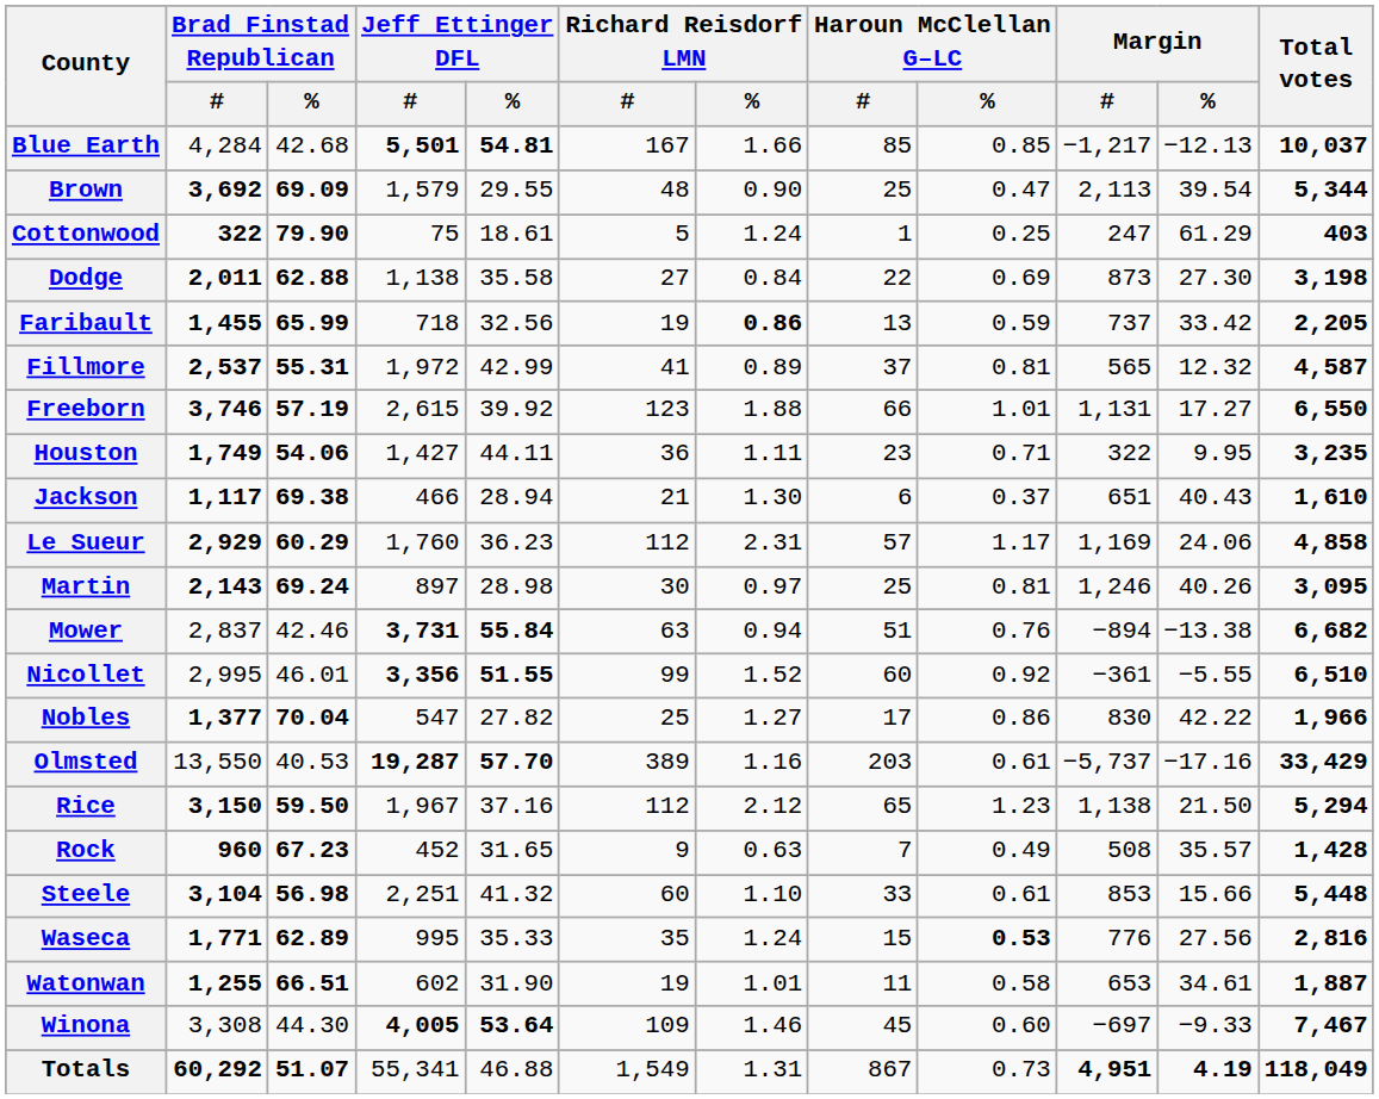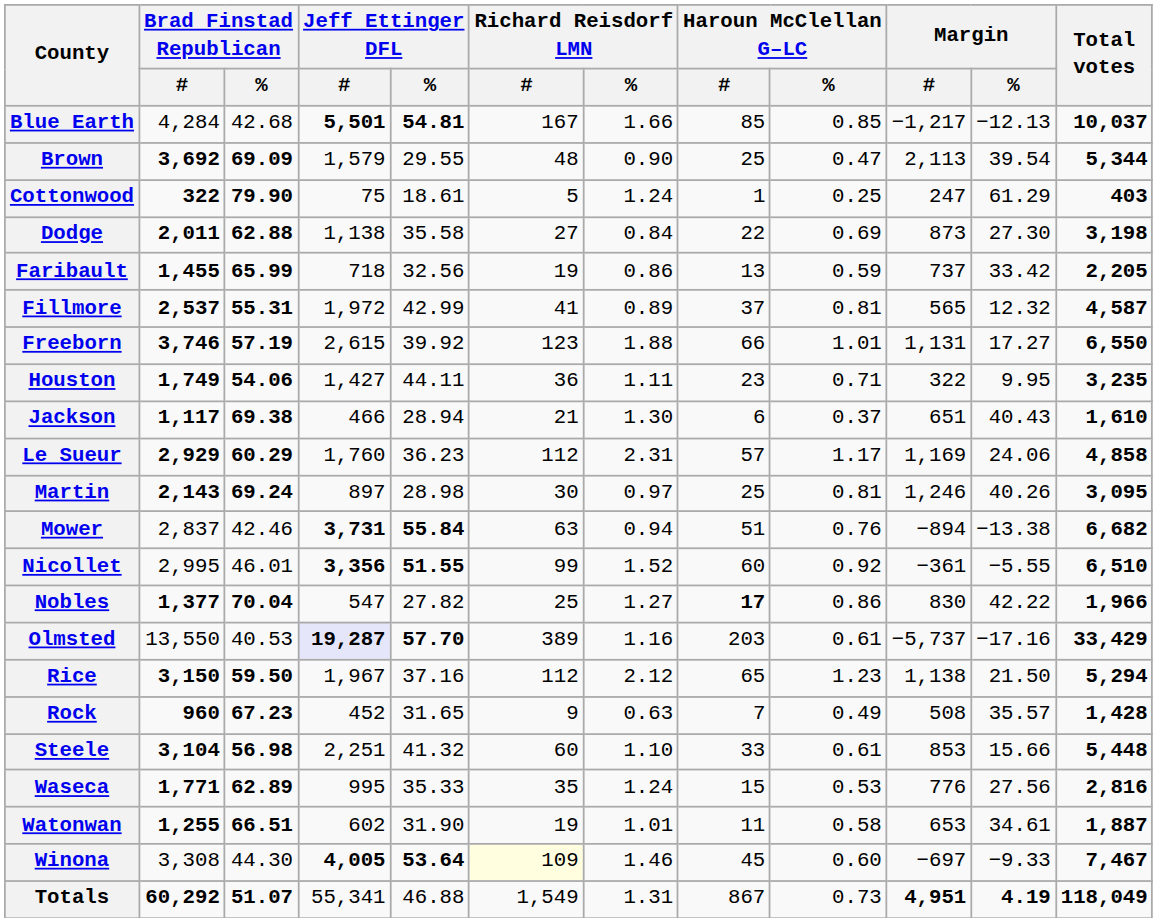 <table class="wikitable sortable" style="text-align:right;font-size:90%;line-height:1.3">
 <tr>
 <th rowspan="2">County</th>
 <th colspan="2"><a href='#'>Brad Finstad</a><br><a href='#'>Republican</a></th>
 <th colspan="2"><a href='#'>Jeff Ettinger</a><br><a href='#'>DFL</a></th>
 <th colspan="2">Richard Reisdorf<br><a href='#'>LMN</a></th>
 <th colspan="2">Haroun McClellan<br><a href='#'>G–LC</a></th>
 <th colspan="2">Margin</th>
 <th rowspan="2">Total<br>votes</th>
 </tr>
 <tr>
 <th data-sort-type="number">#</th>
 <th data-sort-type="number">%</th>
 <th data-sort-type="number">#</th>
 <th data-sort-type="number">%</th>
 <th data-sort-type="number">#</th>
 <th data-sort-type="number">%</th>
 <th data-sort-type="number">#</th>
 <th data-sort-type="number">%</th>
 <th data-sort-type="number">#</th>
 <th data-sort-type="number">%</th>
 </tr>
 <tr>
 <th><a href='#'>Blue Earth</a></th>
 <td>4,284</td>
 <td>42.68</td>
 <td><strong>5,501</strong></td>
 <td><strong>54.81</strong></td>
 <td>167</td>
 <td>1.66</td>
 <td>85</td>
 <td>0.85</td>
 <td>−1,217</td>
 <td>−12.13</td>
 <td><strong>10,037</strong></td>
 </tr>
 <tr>
 <th><a href='#'>Brown</a></th>
 <td><strong>3,692</strong></td>
 <td><strong>69.09</strong></td>
 <td>1,579</td>
 <td>29.55</td>
 <td>48</td>
 <td>0.90</td>
 <td>25</td>
 <td>0.47</td>
 <td>2,113</td>
 <td>39.54</td>
 <td><strong>5,344</strong></td>
 </tr>
 <tr>
 <th><a href='#'>Cottonwood</a> </th>
 <td><strong>322</strong></td>
 <td><strong>79.90</strong></td>
 <td>75</td>
 <td>18.61</td>
 <td>5</td>
 <td>1.24</td>
 <td>1</td>
 <td>0.25</td>
 <td>247</td>
 <td>61.29</td>
 <td><strong>403</strong></td>
 </tr>
 <tr>
 <th><a href='#'>Dodge</a></th>
 <td><strong>2,011</strong></td>
 <td><strong>62.88</strong></td>
 <td>1,138</td>
 <td>35.58</td>
 <td>27</td>
 <td>0.84</td>
 <td>22</td>
 <td>0.69</td>
 <td>873</td>
 <td>27.30</td>
 <td><strong>3,198</strong></td>
 </tr>
 <tr>
 <th><a href='#'>Faribault</a></th>
 <td><strong>1,455</strong></td>
 <td><strong>65.99</strong></td>
 <td>718</td>
 <td>32.56</td>
 <td>19</td>
-<td><strong>0.86</strong></td>
+<td>0.86</td>
 <td>13</td>
 <td>0.59</td>
 <td>737</td>
 <td>33.42</td>
 <td><strong>2,205</strong></td>
 </tr>
 <tr>
 <th><a href='#'>Fillmore</a></th>
 <td><strong>2,537</strong></td>
 <td><strong>55.31</strong></td>
 <td>1,972</td>
 <td>42.99</td>
 <td>41</td>
 <td>0.89</td>
 <td>37</td>
 <td>0.81</td>
 <td>565</td>
 <td>12.32</td>
 <td><strong>4,587</strong></td>
 </tr>
 <tr>
 <th><a href='#'>Freeborn</a></th>
 <td><strong>3,746</strong></td>
 <td><strong>57.19</strong></td>
 <td>2,615</td>
 <td>39.92</td>
 <td>123</td>
 <td>1.88</td>
 <td>66</td>
 <td>1.01</td>
 <td>1,131</td>
 <td>17.27</td>
 <td><strong>6,550</strong></td>
 </tr>
 <tr>
 <th><a href='#'>Houston</a></th>
 <td><strong>1,749</strong></td>
 <td><strong>54.06</strong></td>
 <td>1,427</td>
 <td>44.11</td>
 <td>36</td>
 <td>1.11</td>
 <td>23</td>
 <td>0.71</td>
 <td>322</td>
 <td>9.95</td>
 <td><strong>3,235</strong></td>
 </tr>
 <tr>
 <th><a href='#'>Jackson</a></th>
 <td><strong>1,117</strong></td>
 <td><strong>69.38</strong></td>
 <td>466</td>
 <td>28.94</td>
 <td>21</td>
 <td>1.30</td>
 <td>6</td>
 <td>0.37</td>
 <td>651</td>
 <td>40.43</td>
 <td><strong>1,610</strong></td>
 </tr>
 <tr>
 <th><a href='#'>Le Sueur</a></th>
 <td><strong>2,929</strong></td>
 <td><strong>60.29</strong></td>
 <td>1,760</td>
 <td>36.23</td>
 <td>112</td>
 <td>2.31</td>
 <td>57</td>
 <td>1.17</td>
 <td>1,169</td>
 <td>24.06</td>
 <td><strong>4,858</strong></td>
 </tr>
 <tr>
 <th><a href='#'>Martin</a></th>
 <td><strong>2,143</strong></td>
 <td><strong>69.24</strong></td>
 <td>897</td>
 <td>28.98</td>
 <td>30</td>
 <td>0.97</td>
 <td>25</td>
 <td>0.81</td>
 <td>1,246</td>
 <td>40.26</td>
 <td><strong>3,095</strong></td>
 </tr>
 <tr>
 <th><a href='#'>Mower</a></th>
 <td>2,837</td>
 <td>42.46</td>
 <td><strong>3,731</strong></td>
 <td><strong>55.84</strong></td>
 <td>63</td>
 <td>0.94</td>
 <td>51</td>
 <td>0.76</td>
 <td>−894</td>
 <td>−13.38</td>
 <td><strong>6,682</strong></td>
 </tr>
 <tr>
 <th><a href='#'>Nicollet</a></th>
 <td>2,995</td>
 <td>46.01</td>
 <td><strong>3,356</strong></td>
 <td><strong>51.55</strong></td>
 <td>99</td>
 <td>1.52</td>
 <td>60</td>
 <td>0.92</td>
 <td>−361</td>
 <td>−5.55</td>
 <td><strong>6,510</strong></td>
 </tr>
 <tr>
 <th><a href='#'>Nobles</a></th>
 <td><strong>1,377</strong></td>
 <td><strong>70.04</strong></td>
 <td>547</td>
 <td>27.82</td>
 <td>25</td>
 <td>1.27</td>
-<td>17</td>
+<td><strong>17</strong></td>
 <td>0.86</td>
 <td>830</td>
 <td>42.22</td>
 <td><strong>1,966</strong></td>
 </tr>
 <tr>
 <th><a href='#'>Olmsted</a></th>
 <td>13,550</td>
 <td>40.53</td>
-<td><strong>19,287</strong></td>
+<td style="background: lavender;"><strong>19,287</strong></td>
 <td><strong>57.70</strong></td>
 <td>389</td>
 <td>1.16</td>
 <td>203</td>
 <td>0.61</td>
 <td>−5,737</td>
 <td>−17.16</td>
 <td><strong>33,429</strong></td>
 </tr>
 <tr>
 <th><a href='#'>Rice</a> </th>
 <td><strong>3,150</strong></td>
 <td><strong>59.50</strong></td>
 <td>1,967</td>
 <td>37.16</td>
 <td>112</td>
 <td>2.12</td>
 <td>65</td>
 <td>1.23</td>
 <td>1,138</td>
 <td>21.50</td>
 <td><strong>5,294</strong></td>
 </tr>
 <tr>
 <th><a href='#'>Rock</a></th>
 <td><strong>960</strong></td>
 <td><strong>67.23</strong></td>
 <td>452</td>
 <td>31.65</td>
 <td>9</td>
 <td>0.63</td>
 <td>7</td>
 <td>0.49</td>
 <td>508</td>
 <td>35.57</td>
 <td><strong>1,428</strong></td>
 </tr>
 <tr>
 <th><a href='#'>Steele</a></th>
 <td><strong>3,104</strong></td>
 <td><strong>56.98</strong></td>
 <td>2,251</td>
 <td>41.32</td>
 <td>60</td>
 <td>1.10</td>
 <td>33</td>
 <td>0.61</td>
 <td>853</td>
 <td>15.66</td>
 <td><strong>5,448</strong></td>
 </tr>
 <tr>
 <th><a href='#'>Waseca</a></th>
 <td><strong>1,771</strong></td>
 <td><strong>62.89</strong></td>
 <td>995</td>
 <td>35.33</td>
 <td>35</td>
 <td>1.24</td>
 <td>15</td>
-<td><strong>0.53</strong></td>
+<td>0.53</td>
 <td>776</td>
 <td>27.56</td>
 <td><strong>2,816</strong></td>
 </tr>
 <tr>
 <th><a href='#'>Watonwan</a></th>
 <td><strong>1,255</strong></td>
 <td><strong>66.51</strong></td>
 <td>602</td>
 <td>31.90</td>
 <td>19</td>
 <td>1.01</td>
 <td>11</td>
 <td>0.58</td>
 <td>653</td>
 <td>34.61</td>
 <td><strong>1,887</strong></td>
 </tr>
 <tr>
 <th><a href='#'>Winona</a></th>
 <td>3,308</td>
 <td>44.30</td>
 <td><strong>4,005</strong></td>
 <td><strong>53.64</strong></td>
-<td>109</td>
+<td style="background: lightyellow;">109</td>
 <td>1.46</td>
 <td>45</td>
 <td>0.60</td>
 <td>−697</td>
 <td>−9.33</td>
 <td><strong>7,467</strong></td>
 </tr>
 <tr class="sortbottom">
 <th>Totals</th>
 <td><strong>60,292</strong></td>
 <td><strong>51.07</strong></td>
 <td>55,341</td>
 <td>46.88</td>
 <td>1,549</td>
 <td>1.31</td>
 <td>867</td>
 <td>0.73</td>
 <td><strong>4,951</strong></td>
 <td><strong>4.19</strong></td>
 <td><strong>118,049</strong></td>
 </tr>
 </table>
